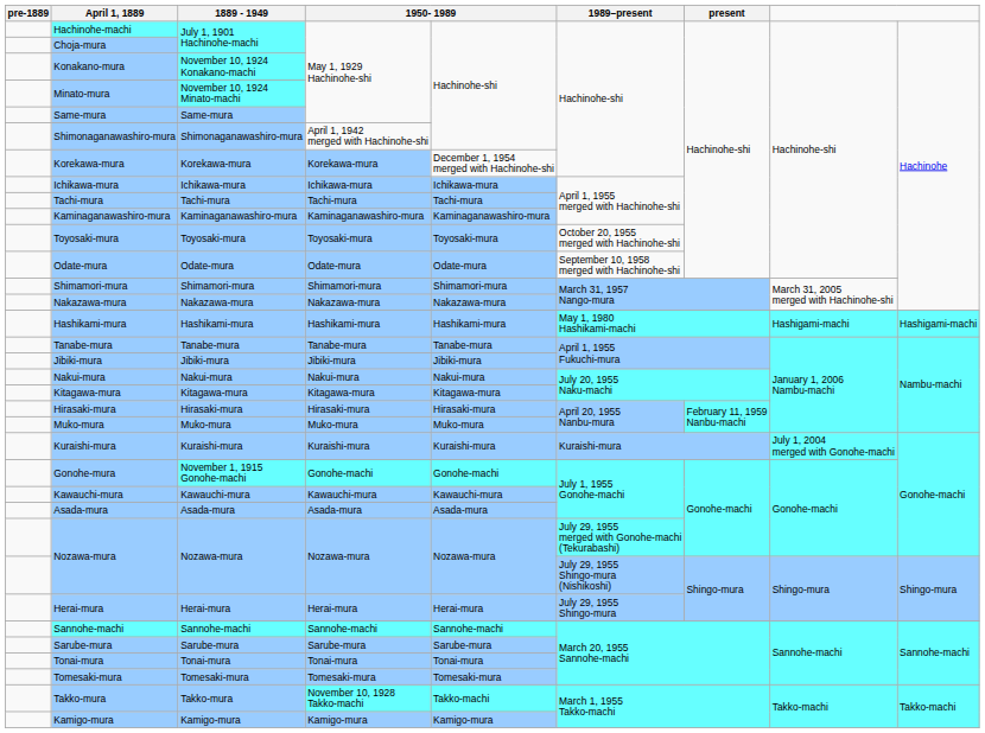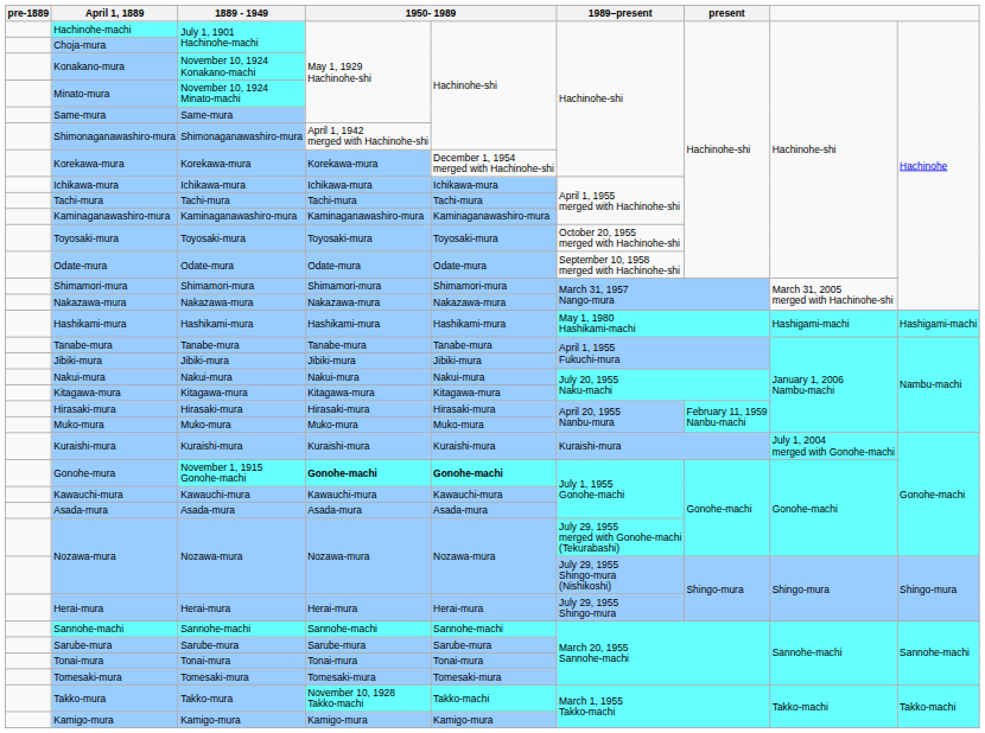 <table class="wikitable" style="font-size:x-small">
 <tr>
 <th>pre-1889</th>
 <th>April 1, 1889</th>
 <th>1889 - 1949</th>
 <th colspan="2">1950- 1989</th>
 <th>1989–present</th>
 <th>present</th>
 </tr>
 <tr>
 <td></td>
 <td style="background-color:#6ff;">Hachinohe-machi</td>
 <td rowspan="2" style="background-color:#6ff;">July 1, 1901<br> Hachinohe-machi</td>
 <td rowspan="5">May 1, 1929<br> Hachinohe-shi</td>
 <td rowspan="6">Hachinohe-shi</td>
 <td rowspan="7">Hachinohe-shi</td>
 <td rowspan="12">Hachinohe-shi</td>
 <td rowspan="12">Hachinohe-shi</td>
 <td rowspan="14"><a href='#'>Hachinohe</a></td>
 </tr>
 <tr>
 <td></td>
 <td style="background-color:#9cf;">Choja-mura</td>
 </tr>
 <tr>
 <td></td>
 <td style="background-color:#9cf;">Konakano-mura</td>
 <td style="background-color:#6ff;">November 10, 1924<br>Konakano-machi</td>
 </tr>
 <tr>
 <td></td>
 <td style="background-color:#9cf;">Minato-mura</td>
 <td style="background-color:#6ff;">November 10, 1924<br>Minato-machi</td>
 </tr>
 <tr>
 <td></td>
 <td style="background-color:#9cf;">Same-mura</td>
 <td style="background-color:#9cf;">Same-mura</td>
 </tr>
 <tr>
 <td></td>
 <td style="background-color:#9cf;">Shimonaganawashiro-mura</td>
 <td style="background-color:#9cf;">Shimonaganawashiro-mura</td>
 <td>April 1, 1942<br>merged with Hachinohe-shi</td>
 </tr>
 <tr>
 <td></td>
 <td style="background-color:#9cf;">Korekawa-mura</td>
 <td style="background-color:#9cf;">Korekawa-mura</td>
 <td style="background-color:#9cf;">Korekawa-mura</td>
 <td>December 1, 1954<br> merged with Hachinohe-shi</td>
 </tr>
 <tr>
 <td></td>
 <td style="background-color:#9cf;">Ichikawa-mura</td>
 <td style="background-color:#9cf;">Ichikawa-mura</td>
 <td style="background-color:#9cf;">Ichikawa-mura</td>
 <td style="background-color:#9cf;">Ichikawa-mura</td>
 <td rowspan="3">April 1, 1955<br> merged with Hachinohe-shi</td>
 </tr>
 <tr>
 <td></td>
 <td style="background-color:#9cf;">Tachi-mura</td>
 <td style="background-color:#9cf;">Tachi-mura</td>
 <td style="background-color:#9cf;">Tachi-mura</td>
 <td style="background-color:#9cf;">Tachi-mura</td>
 </tr>
 <tr>
 <td></td>
 <td style="background-color:#9cf;">Kaminaganawashiro-mura</td>
 <td style="background-color:#9cf;">Kaminaganawashiro-mura</td>
 <td style="background-color:#9cf;">Kaminaganawashiro-mura</td>
 <td style="background-color:#9cf;">Kaminaganawashiro-mura</td>
 </tr>
 <tr>
 <td></td>
 <td style="background-color:#9cf;">Toyosaki-mura</td>
 <td style="background-color:#9cf;">Toyosaki-mura</td>
 <td style="background-color:#9cf;">Toyosaki-mura</td>
 <td style="background-color:#9cf;">Toyosaki-mura</td>
 <td>October 20, 1955<br> merged with Hachinohe-shi</td>
 </tr>
 <tr>
 <td></td>
 <td style="background-color:#9cf;">Odate-mura</td>
 <td style="background-color:#9cf;">Odate-mura</td>
 <td style="background-color:#9cf;">Odate-mura</td>
 <td style="background-color:#9cf;">Odate-mura</td>
 <td>September 10, 1958<br> merged with Hachinohe-shi</td>
 </tr>
 <tr>
 <td></td>
 <td style="background-color:#9cf;">Shimamori-mura</td>
 <td style="background-color:#9cf;">Shimamori-mura</td>
 <td style="background-color:#9cf;">Shimamori-mura</td>
 <td style="background-color:#9cf;">Shimamori-mura</td>
 <td rowspan="2" colspan="2" style="background-color:#9cf;">March 31, 1957<br>Nango-mura</td>
 <td rowspan="2">March 31, 2005<br> merged with Hachinohe-shi</td>
 </tr>
 <tr>
 <td></td>
 <td style="background-color:#9cf;">Nakazawa-mura</td>
 <td style="background-color:#9cf;">Nakazawa-mura</td>
 <td style="background-color:#9cf;">Nakazawa-mura</td>
 <td style="background-color:#9cf;">Nakazawa-mura</td>
 </tr>
 <tr>
 <td></td>
 <td style="background-color:#9cf;">Hashikami-mura</td>
 <td style="background-color:#9cf;">Hashikami-mura</td>
 <td style="background-color:#9cf;">Hashikami-mura</td>
 <td style="background-color:#9cf;">Hashikami-mura</td>
 <td colspan="2" style="background-color:#6ff;">May 1, 1980<br>Hashikami-machi</td>
 <td style="background-color:#6ff;">Hashigami-machi</td>
 <td style="background-color:#6ff;">Hashigami-machi</td>
 </tr>
 <tr>
 <td></td>
 <td style="background-color:#9cf;">Tanabe-mura</td>
 <td style="background-color:#9cf;">Tanabe-mura</td>
 <td style="background-color:#9cf;">Tanabe-mura</td>
 <td style="background-color:#9cf;">Tanabe-mura</td>
 <td rowspan="2" colspan="2" style="background-color:#9cf;">April 1, 1955<br>Fukuchi-mura</td>
 <td rowspan="6" style="background-color:#6ff;">January 1, 2006<br>Nambu-machi</td>
 <td rowspan="6" style="background-color:#6ff;">Nambu-machi</td>
 </tr>
 <tr>
 <td></td>
 <td style="background-color:#9cf;">Jibiki-mura</td>
 <td style="background-color:#9cf;">Jibiki-mura</td>
 <td style="background-color:#9cf;">Jibiki-mura</td>
 <td style="background-color:#9cf;">Jibiki-mura</td>
 </tr>
 <tr>
 <td></td>
 <td style="background-color:#9cf;">Nakui-mura</td>
 <td style="background-color:#9cf;">Nakui-mura</td>
 <td style="background-color:#9cf;">Nakui-mura</td>
 <td style="background-color:#9cf;">Nakui-mura</td>
 <td rowspan="2" colspan="2" style="background-color:#6ff;">July 20, 1955<br>Naku-machi</td>
 </tr>
 <tr>
 <td></td>
 <td style="background-color:#9cf;">Kitagawa-mura</td>
 <td style="background-color:#9cf;">Kitagawa-mura</td>
 <td style="background-color:#9cf;">Kitagawa-mura</td>
 <td style="background-color:#9cf;">Kitagawa-mura</td>
 </tr>
 <tr>
 <td></td>
 <td style="background-color:#9cf;">Hirasaki-mura</td>
 <td style="background-color:#9cf;">Hirasaki-mura</td>
 <td style="background-color:#9cf;">Hirasaki-mura</td>
 <td style="background-color:#9cf;">Hirasaki-mura</td>
 <td rowspan="2" style="background-color:#9cf;">April 20, 1955<br>Nanbu-mura</td>
 <td rowspan="2" style="background-color:#6ff;">February 11, 1959<br>Nanbu-machi</td>
 </tr>
 <tr>
 <td></td>
 <td style="background-color:#9cf;">Muko-mura</td>
 <td style="background-color:#9cf;">Muko-mura</td>
 <td style="background-color:#9cf;">Muko-mura</td>
 <td style="background-color:#9cf;">Muko-mura</td>
 </tr>
 <tr>
 <td></td>
 <td style="background-color:#9cf;">Kuraishi-mura</td>
 <td style="background-color:#9cf;">Kuraishi-mura</td>
 <td style="background-color:#9cf;">Kuraishi-mura</td>
 <td style="background-color:#9cf;">Kuraishi-mura</td>
 <td colspan="2" style="background-color:#9cf;">Kuraishi-mura</td>
 <td style="background-color:#6ff;">July 1, 2004<br>merged with Gonohe-machi</td>
 <td rowspan="5" style="background-color:#6ff;">Gonohe-machi</td>
 </tr>
 <tr>
 <td></td>
 <td style="background-color:#9cf;">Gonohe-mura</td>
 <td style="background-color:#6ff;">November 1, 1915<br>Gonohe-machi</td>
-<td style="background-color:#6ff;">Gonohe-machi</td>
-<td style="background-color:#6ff;">Gonohe-machi</td>
+<td style="background-color:#6ff;"><strong>Gonohe-machi</strong></td>
+<td style="background-color:#6ff;"><strong>Gonohe-machi</strong></td>
 <td rowspan="3" style="background-color:#6ff;">July 1, 1955<br>Gonohe-machi</td>
 <td rowspan="4" style="background-color:#6ff;">Gonohe-machi</td>
 <td rowspan="4" style="background-color:#6ff;">Gonohe-machi</td>
 </tr>
 <tr>
 <td></td>
 <td style="background-color:#9cf;">Kawauchi-mura</td>
 <td style="background-color:#9cf;">Kawauchi-mura</td>
 <td style="background-color:#9cf;">Kawauchi-mura</td>
 <td style="background-color:#9cf;">Kawauchi-mura</td>
 </tr>
 <tr>
 <td></td>
 <td style="background-color:#9cf;">Asada-mura</td>
 <td style="background-color:#9cf;">Asada-mura</td>
 <td style="background-color:#9cf;">Asada-mura</td>
 <td style="background-color:#9cf;">Asada-mura</td>
 </tr>
 <tr>
 <td></td>
 <td rowspan="2" style="background-color:#9cf;">Nozawa-mura</td>
 <td rowspan="2" style="background-color:#9cf;">Nozawa-mura</td>
 <td rowspan="2" style="background-color:#9cf;">Nozawa-mura</td>
 <td rowspan="2" style="background-color:#9cf;">Nozawa-mura</td>
 <td style="background-color:#6ff;">July 29, 1955<br>merged with Gonohe-machi<br>(Tekurabashi)</td>
 </tr>
 <tr>
 <td></td>
 <td style="background-color:#9cf;">July 29, 1955<br> Shingo-mura<br>(Nishikoshi)</td>
 <td rowspan="2" style="background-color:#9cf;">Shingo-mura</td>
 <td rowspan="2" style="background-color:#9cf;">Shingo-mura</td>
 <td rowspan="2" style="background-color:#9cf;">Shingo-mura</td>
 </tr>
 <tr>
 <td></td>
 <td style="background-color:#9cf;">Herai-mura</td>
 <td style="background-color:#9cf;">Herai-mura</td>
 <td style="background-color:#9cf;">Herai-mura</td>
 <td style="background-color:#9cf;">Herai-mura</td>
 <td style="background-color:#9cf;">July 29, 1955<br>Shingo-mura</td>
 </tr>
 <tr>
 <td></td>
 <td style="background-color:#6ff;">Sannohe-machi</td>
 <td style="background-color:#6ff;">Sannohe-machi</td>
 <td style="background-color:#6ff;">Sannohe-machi</td>
 <td style="background-color:#6ff;">Sannohe-machi</td>
 <td rowspan="4" colspan="2" style="background-color:#6ff;">March 20, 1955<br>Sannohe-machi</td>
 <td rowspan="4" style="background-color:#6ff;">Sannohe-machi</td>
 <td rowspan="4" colspan="2" style="background-color:#6ff;">Sannohe-machi</td>
 </tr>
 <tr>
 <td></td>
 <td style="background-color:#9cf;">Sarube-mura</td>
 <td style="background-color:#9cf;">Sarube-mura</td>
 <td style="background-color:#9cf;">Sarube-mura</td>
 <td style="background-color:#9cf;">Sarube-mura</td>
 </tr>
 <tr>
 <td></td>
 <td style="background-color:#9cf;">Tonai-mura</td>
 <td style="background-color:#9cf;">Tonai-mura</td>
 <td style="background-color:#9cf;">Tonai-mura</td>
 <td style="background-color:#9cf;">Tonai-mura</td>
 </tr>
 <tr>
 <td></td>
 <td style="background-color:#9cf;">Tomesaki-mura</td>
 <td style="background-color:#9cf;">Tomesaki-mura</td>
 <td style="background-color:#9cf;">Tomesaki-mura</td>
 <td style="background-color:#9cf;">Tomesaki-mura</td>
 </tr>
 <tr>
 <td></td>
 <td style="background-color:#9cf;">Takko-mura</td>
 <td style="background-color:#9cf;">Takko-mura</td>
 <td style="background-color:#6ff;">November 10, 1928<br> Takko-machi</td>
 <td style="background-color:#6ff;">Takko-machi</td>
 <td rowspan="2" colspan="2" style="background-color:#6ff;">March 1, 1955<br>Takko-machi</td>
 <td rowspan="2" style="background-color:#6ff;">Takko-machi</td>
 <td rowspan="2" style="background-color:#6ff;">Takko-machi</td>
 </tr>
 <tr>
 <td></td>
 <td style="background-color:#9cf;">Kamigo-mura</td>
 <td style="background-color:#9cf;">Kamigo-mura</td>
 <td style="background-color:#9cf;">Kamigo-mura</td>
 <td style="background-color:#9cf;">Kamigo-mura</td>
 </tr>
 </table>
